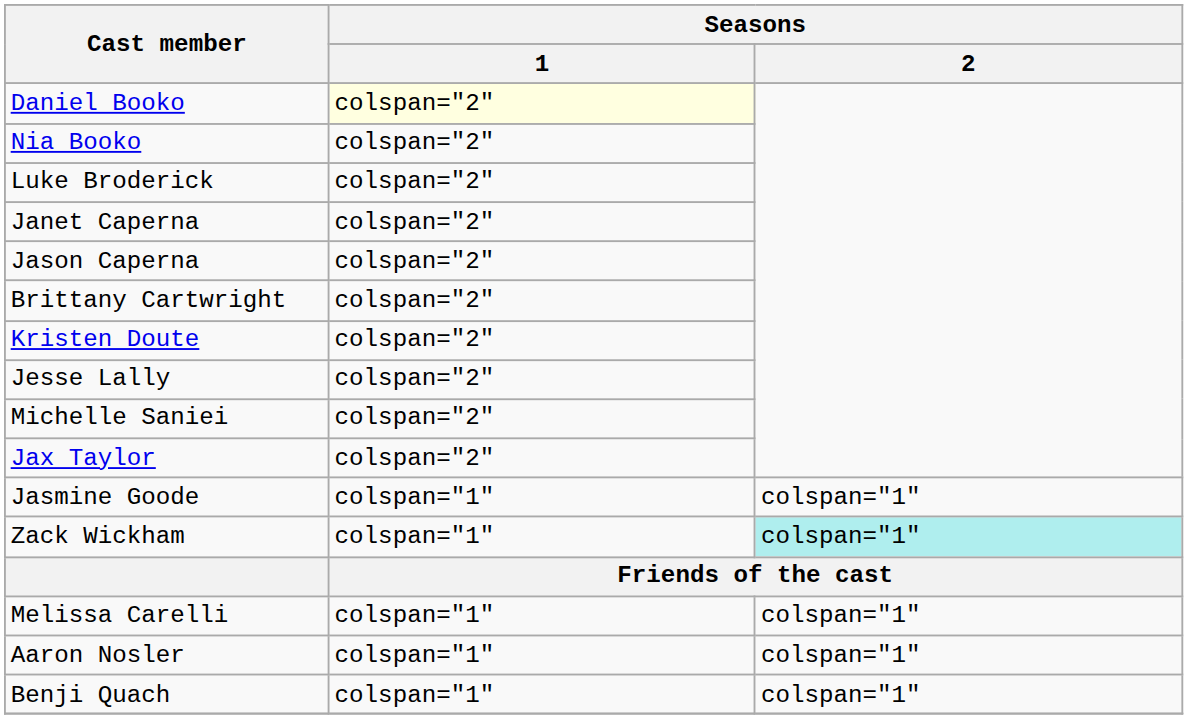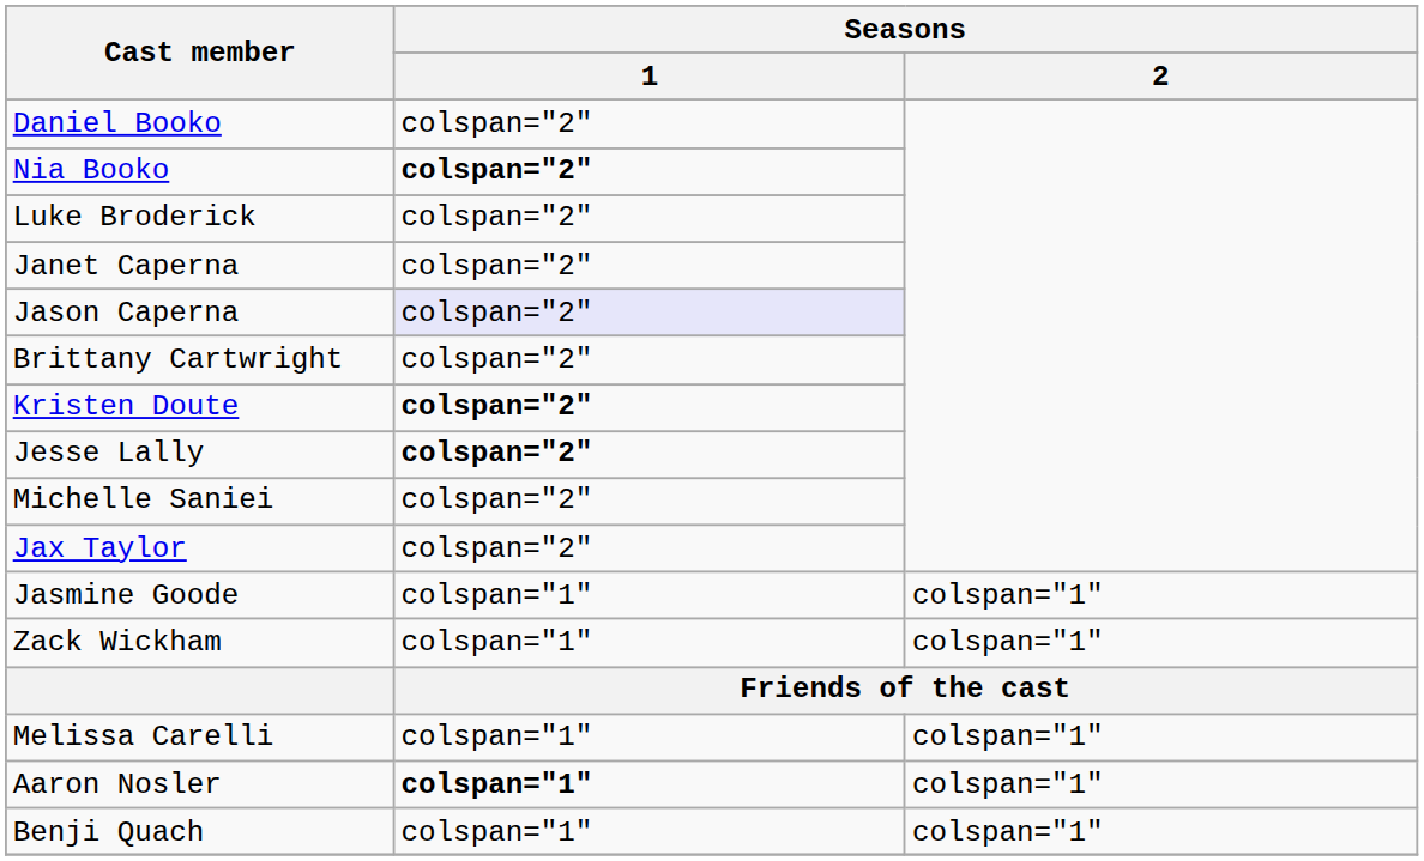 <table class="wikitable plainrowheaders" style="width:40%;">
 <tr>
 <th rowspan="2">Cast member</th>
 <th colspan="2">Seasons</th>
 </tr>
 <tr>
 <th scope="col" style="width:30%;">1</th>
 <th scope="col" style="width:30%;">2</th>
 </tr>
 <tr>
 <td scope="row"><a href='#'>Daniel Booko</a></td>
-<td style="background: lightyellow;">colspan="2" </td>
+<td>colspan="2" </td>
 </tr>
 <tr>
 <td scope="row"><a href='#'>Nia Booko</a></td>
-<td>colspan="2" </td>
+<td><strong>colspan="2" </strong></td>
 </tr>
 <tr>
 <td scope="row">Luke Broderick</td>
 <td>colspan="2" </td>
 </tr>
 <tr>
 <td scope="row">Janet Caperna</td>
 <td>colspan="2" </td>
 </tr>
 <tr>
 <td scope="row">Jason Caperna</td>
-<td>colspan="2" </td>
+<td style="background: lavender;">colspan="2" </td>
 </tr>
 <tr>
 <td nowrap>Brittany Cartwright</td>
 <td>colspan="2" </td>
 </tr>
 <tr>
 <td scope="row"><a href='#'>Kristen Doute</a></td>
-<td>colspan="2" </td>
+<td><strong>colspan="2" </strong></td>
 </tr>
 <tr>
 <td scope="row">Jesse Lally</td>
-<td>colspan="2" </td>
+<td><strong>colspan="2" </strong></td>
 </tr>
 <tr>
 <td nowrap>Michelle Saniei</td>
 <td>colspan="2" </td>
 </tr>
 <tr>
 <td scope="row"><a href='#'>Jax Taylor</a></td>
 <td>colspan="2" </td>
 </tr>
 <tr>
 <td scope="row">Jasmine Goode</td>
 <td>colspan="1" </td>
 <td>colspan="1" </td>
 </tr>
 <tr>
 <td scope="row">Zack Wickham</td>
 <td>colspan="1" </td>
-<td style="background: paleturquoise;">colspan="1" </td>
+<td>colspan="1" </td>
 </tr>
 <tr>
 <th rowspan="1" style="width:15%;"></th>
 <th colspan="9">Friends of the cast</th>
 </tr>
 <tr>
 <td>Melissa Carelli</td>
 <td>colspan="1" </td>
 <td>colspan="1" </td>
 </tr>
 <tr>
 <td>Aaron Nosler</td>
-<td>colspan="1" </td>
+<td><strong>colspan="1" </strong></td>
 <td>colspan="1" </td>
 </tr>
 <tr>
 <td>Benji Quach</td>
 <td>colspan="1" </td>
 <td>colspan="1" </td>
 </tr>
 <tr>
 </tr>
 </table>
